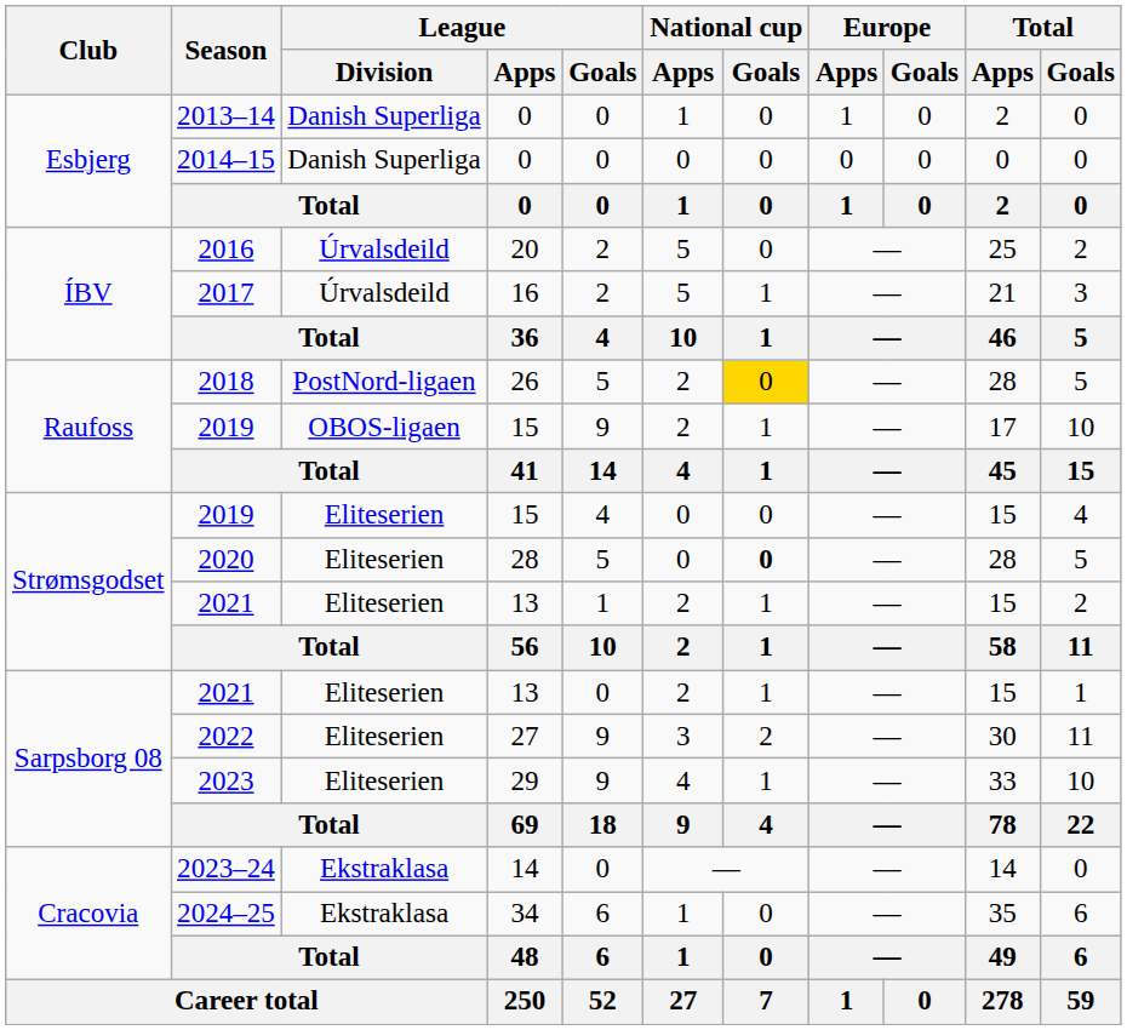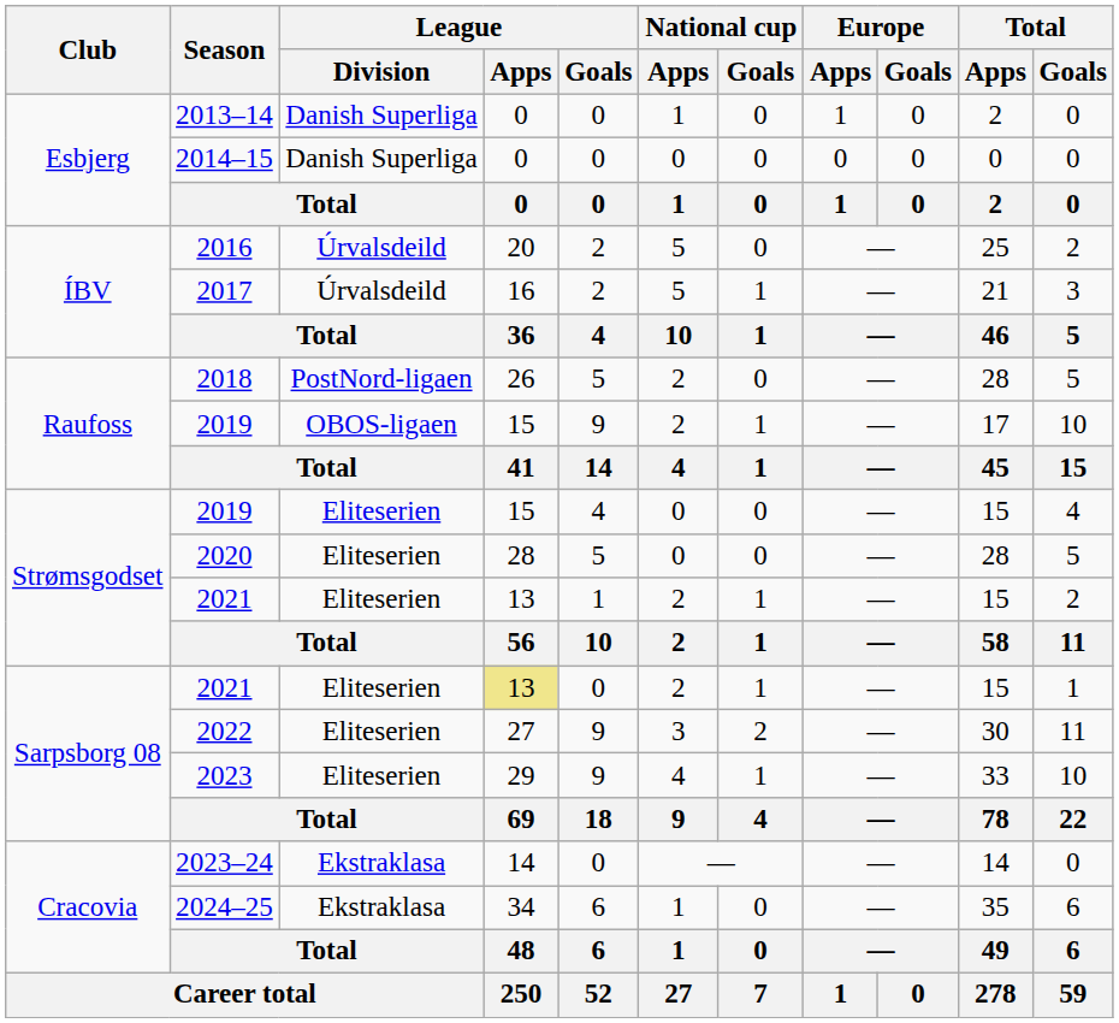 <table class="wikitable" style="text-align: center;">
 <tr>
 <th rowspan="2">Club</th>
 <th rowspan="2">Season</th>
 <th colspan="3">League</th>
 <th colspan="2">National cup</th>
 <th colspan="2">Europe</th>
 <th colspan="2">Total</th>
 </tr>
 <tr>
 <th>Division</th>
 <th>Apps</th>
 <th>Goals</th>
 <th>Apps</th>
 <th>Goals</th>
 <th>Apps</th>
 <th>Goals</th>
 <th>Apps</th>
 <th>Goals</th>
 </tr>
 <tr>
 <td rowspan="3"><a href='#'>Esbjerg</a></td>
 <td><a href='#'>2013–14</a></td>
 <td><a href='#'>Danish Superliga</a></td>
 <td>0</td>
 <td>0</td>
 <td>1</td>
 <td>0</td>
 <td>1</td>
 <td>0</td>
 <td>2</td>
 <td>0</td>
 </tr>
 <tr>
 <td><a href='#'>2014–15</a></td>
 <td>Danish Superliga</td>
 <td>0</td>
 <td>0</td>
 <td>0</td>
 <td>0</td>
 <td>0</td>
 <td>0</td>
 <td>0</td>
 <td>0</td>
 </tr>
 <tr>
 <th colspan="2">Total</th>
 <th>0</th>
 <th>0</th>
 <th>1</th>
 <th>0</th>
 <th>1</th>
 <th>0</th>
 <th>2</th>
 <th>0</th>
 </tr>
 <tr>
 <td rowspan="3"><a href='#'>ÍBV</a></td>
 <td><a href='#'>2016</a></td>
 <td><a href='#'>Úrvalsdeild</a></td>
 <td>20</td>
 <td>2</td>
 <td>5</td>
 <td>0</td>
 <td colspan="2">—</td>
 <td>25</td>
 <td>2</td>
 </tr>
 <tr>
 <td><a href='#'>2017</a></td>
 <td>Úrvalsdeild</td>
 <td>16</td>
 <td>2</td>
 <td>5</td>
 <td>1</td>
 <td colspan="2">—</td>
 <td>21</td>
 <td>3</td>
 </tr>
 <tr>
 <th colspan="2">Total</th>
 <th>36</th>
 <th>4</th>
 <th>10</th>
 <th>1</th>
 <th colspan="2">—</th>
 <th>46</th>
 <th>5</th>
 </tr>
 <tr>
 <td rowspan="3"><a href='#'>Raufoss</a></td>
 <td><a href='#'>2018</a></td>
 <td><a href='#'>PostNord-ligaen</a></td>
 <td>26</td>
 <td>5</td>
 <td>2</td>
-<td style="background: gold;">0</td>
+<td>0</td>
 <td colspan="2">—</td>
 <td>28</td>
 <td>5</td>
 </tr>
 <tr>
 <td><a href='#'>2019</a></td>
 <td><a href='#'>OBOS-ligaen</a></td>
 <td>15</td>
 <td>9</td>
 <td>2</td>
 <td>1</td>
 <td colspan="2">—</td>
 <td>17</td>
 <td>10</td>
 </tr>
 <tr>
 <th colspan="2">Total</th>
 <th>41</th>
 <th>14</th>
 <th>4</th>
 <th>1</th>
 <th colspan="2">—</th>
 <th>45</th>
 <th>15</th>
 </tr>
 <tr>
 <td rowspan="4"><a href='#'>Strømsgodset</a></td>
 <td><a href='#'>2019</a></td>
 <td><a href='#'>Eliteserien</a></td>
 <td>15</td>
 <td>4</td>
 <td>0</td>
 <td>0</td>
 <td colspan="2">—</td>
 <td>15</td>
 <td>4</td>
 </tr>
 <tr>
 <td><a href='#'>2020</a></td>
 <td>Eliteserien</td>
 <td>28</td>
 <td>5</td>
 <td>0</td>
-<td><strong>0</strong></td>
+<td>0</td>
 <td colspan="2">—</td>
 <td>28</td>
 <td>5</td>
 </tr>
 <tr>
 <td><a href='#'>2021</a></td>
 <td>Eliteserien</td>
 <td>13</td>
 <td>1</td>
 <td>2</td>
 <td>1</td>
 <td colspan="2">—</td>
 <td>15</td>
 <td>2</td>
 </tr>
 <tr>
 <th colspan="2">Total</th>
 <th>56</th>
 <th>10</th>
 <th>2</th>
 <th>1</th>
 <th colspan="2">—</th>
 <th>58</th>
 <th>11</th>
 </tr>
 <tr>
 <td rowspan="4"><a href='#'>Sarpsborg 08</a></td>
 <td><a href='#'>2021</a></td>
 <td>Eliteserien</td>
-<td>13</td>
+<td style="background: khaki;">13</td>
 <td>0</td>
 <td>2</td>
 <td>1</td>
 <td colspan="2">—</td>
 <td>15</td>
 <td>1</td>
 </tr>
 <tr>
 <td><a href='#'>2022</a></td>
 <td>Eliteserien</td>
 <td>27</td>
 <td>9</td>
 <td>3</td>
 <td>2</td>
 <td colspan="2">—</td>
 <td>30</td>
 <td>11</td>
 </tr>
 <tr>
 <td><a href='#'>2023</a></td>
 <td>Eliteserien</td>
 <td>29</td>
 <td>9</td>
 <td>4</td>
 <td>1</td>
 <td colspan="2">—</td>
 <td>33</td>
 <td>10</td>
 </tr>
 <tr>
 <th colspan="2">Total</th>
 <th>69</th>
 <th>18</th>
 <th>9</th>
 <th>4</th>
 <th colspan="2">—</th>
 <th>78</th>
 <th>22</th>
 </tr>
 <tr>
 <td rowspan="3"><a href='#'>Cracovia</a></td>
 <td><a href='#'>2023–24</a></td>
 <td><a href='#'>Ekstraklasa</a></td>
 <td>14</td>
 <td>0</td>
 <td colspan="2">—</td>
 <td colspan="2">—</td>
 <td>14</td>
 <td>0</td>
 </tr>
 <tr>
 <td><a href='#'>2024–25</a></td>
 <td>Ekstraklasa</td>
 <td>34</td>
 <td>6</td>
 <td>1</td>
 <td>0</td>
 <td colspan="2">—</td>
 <td>35</td>
 <td>6</td>
 </tr>
 <tr>
 <th colspan="2">Total</th>
 <th>48</th>
 <th>6</th>
 <th>1</th>
 <th>0</th>
 <th colspan="2">—</th>
 <th>49</th>
 <th>6</th>
 </tr>
 <tr>
 <th colspan="3">Career total</th>
 <th>250</th>
 <th>52</th>
 <th>27</th>
 <th>7</th>
 <th>1</th>
 <th>0</th>
 <th>278</th>
 <th>59</th>
 </tr>
 </table>
